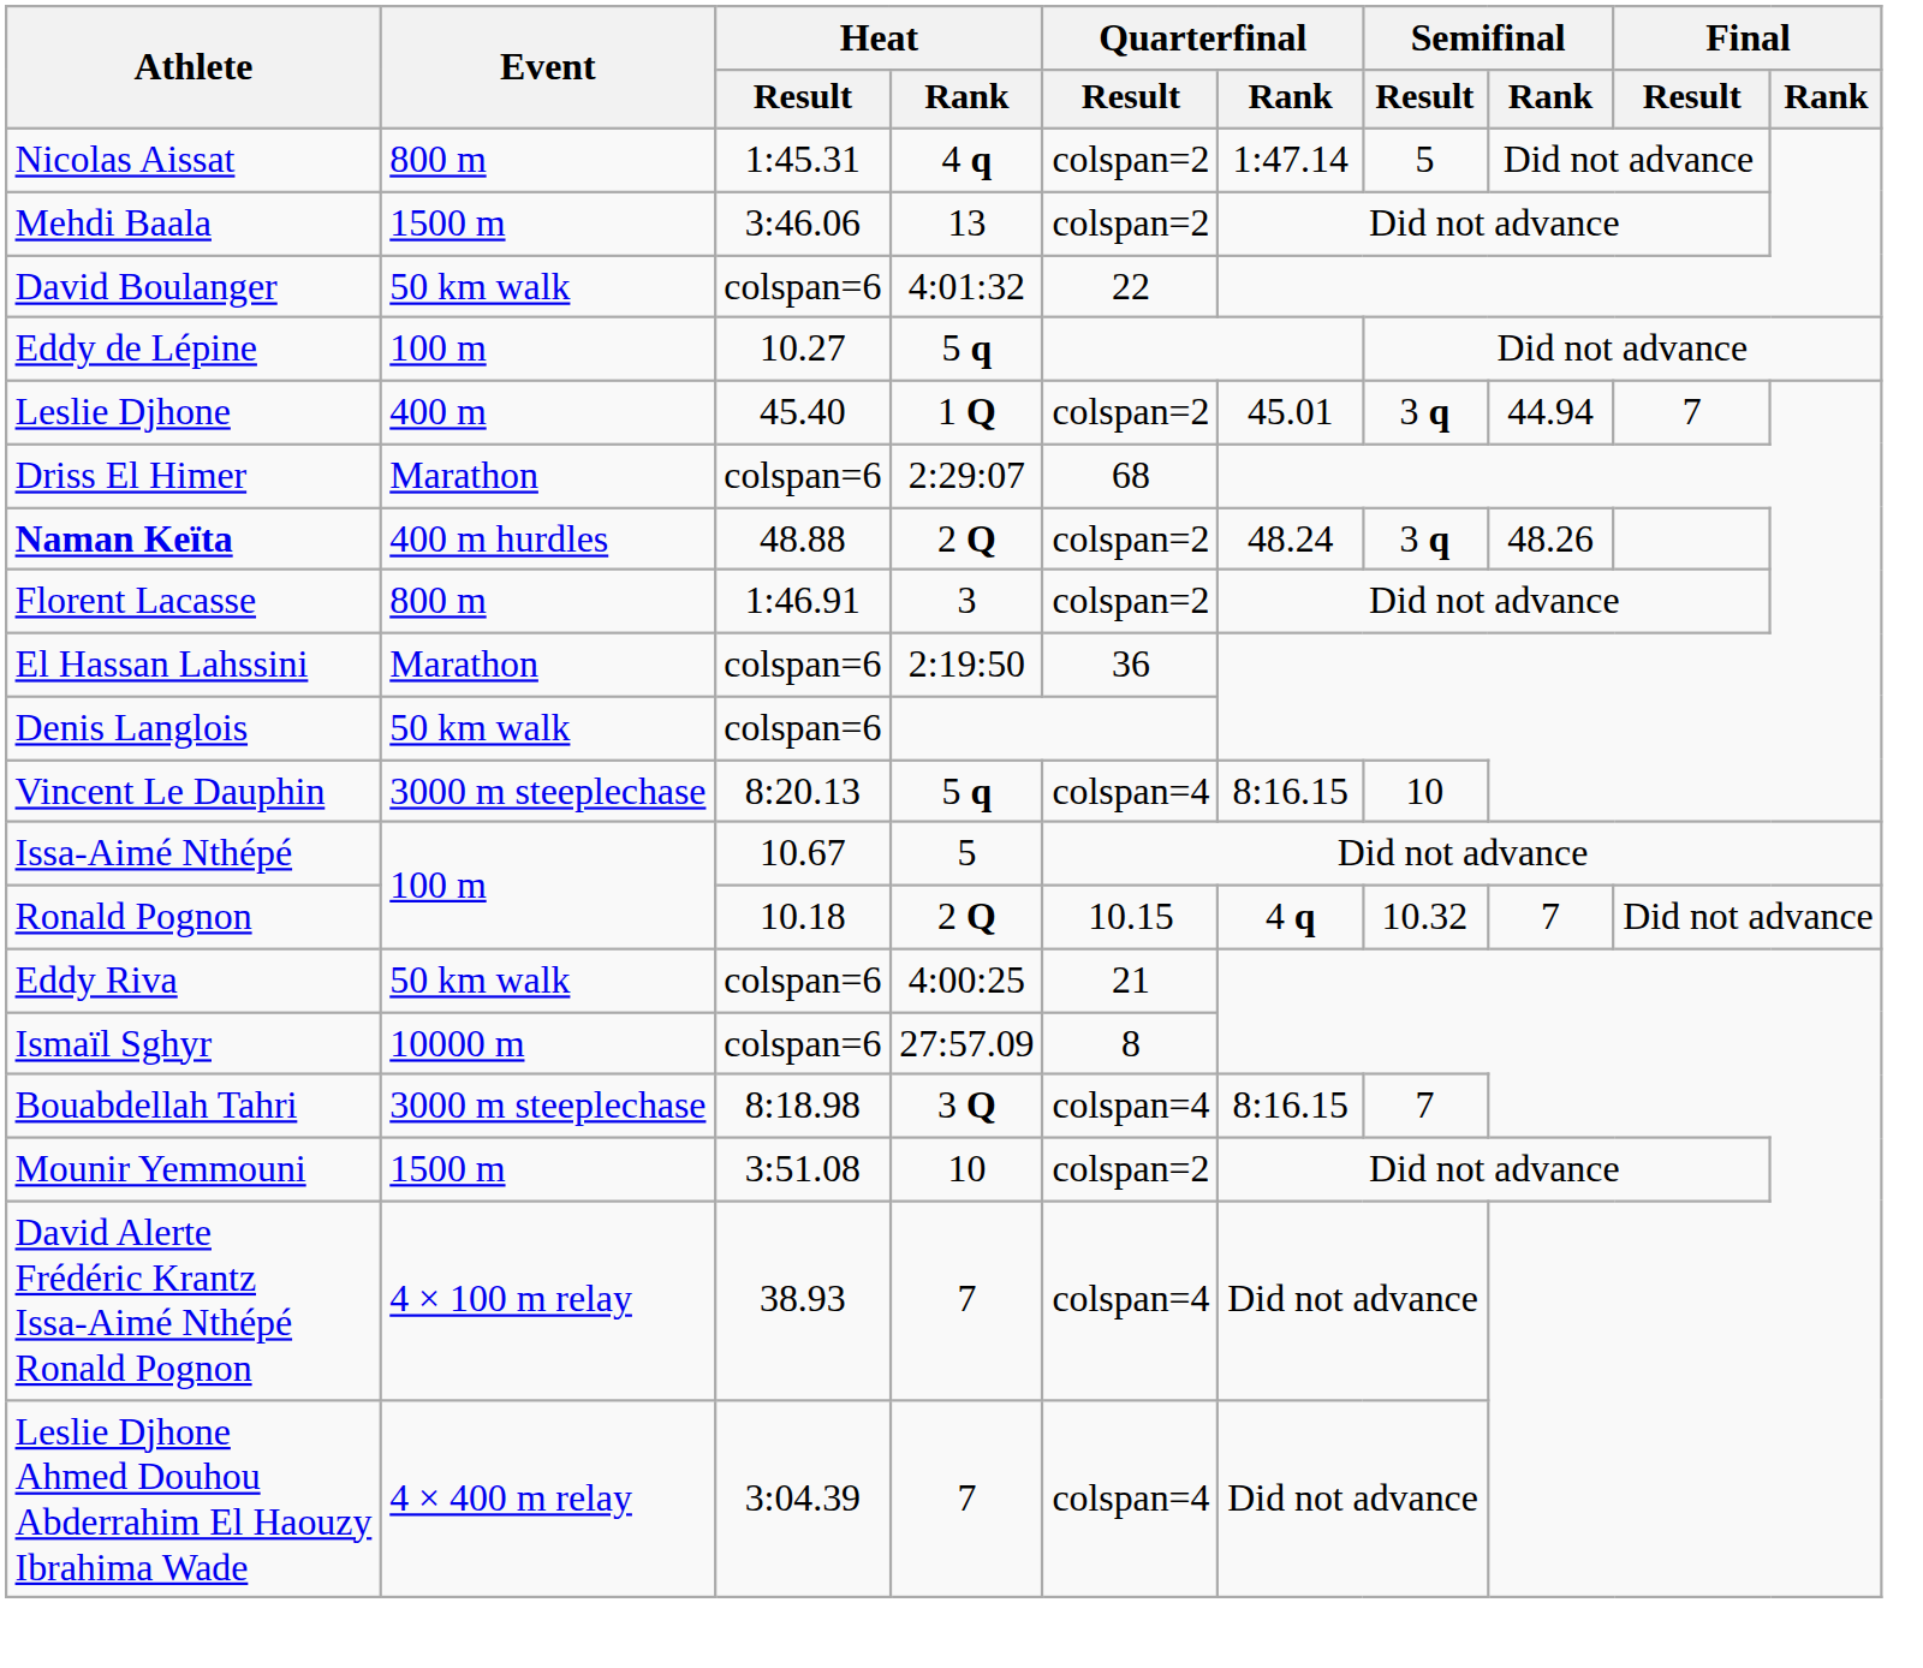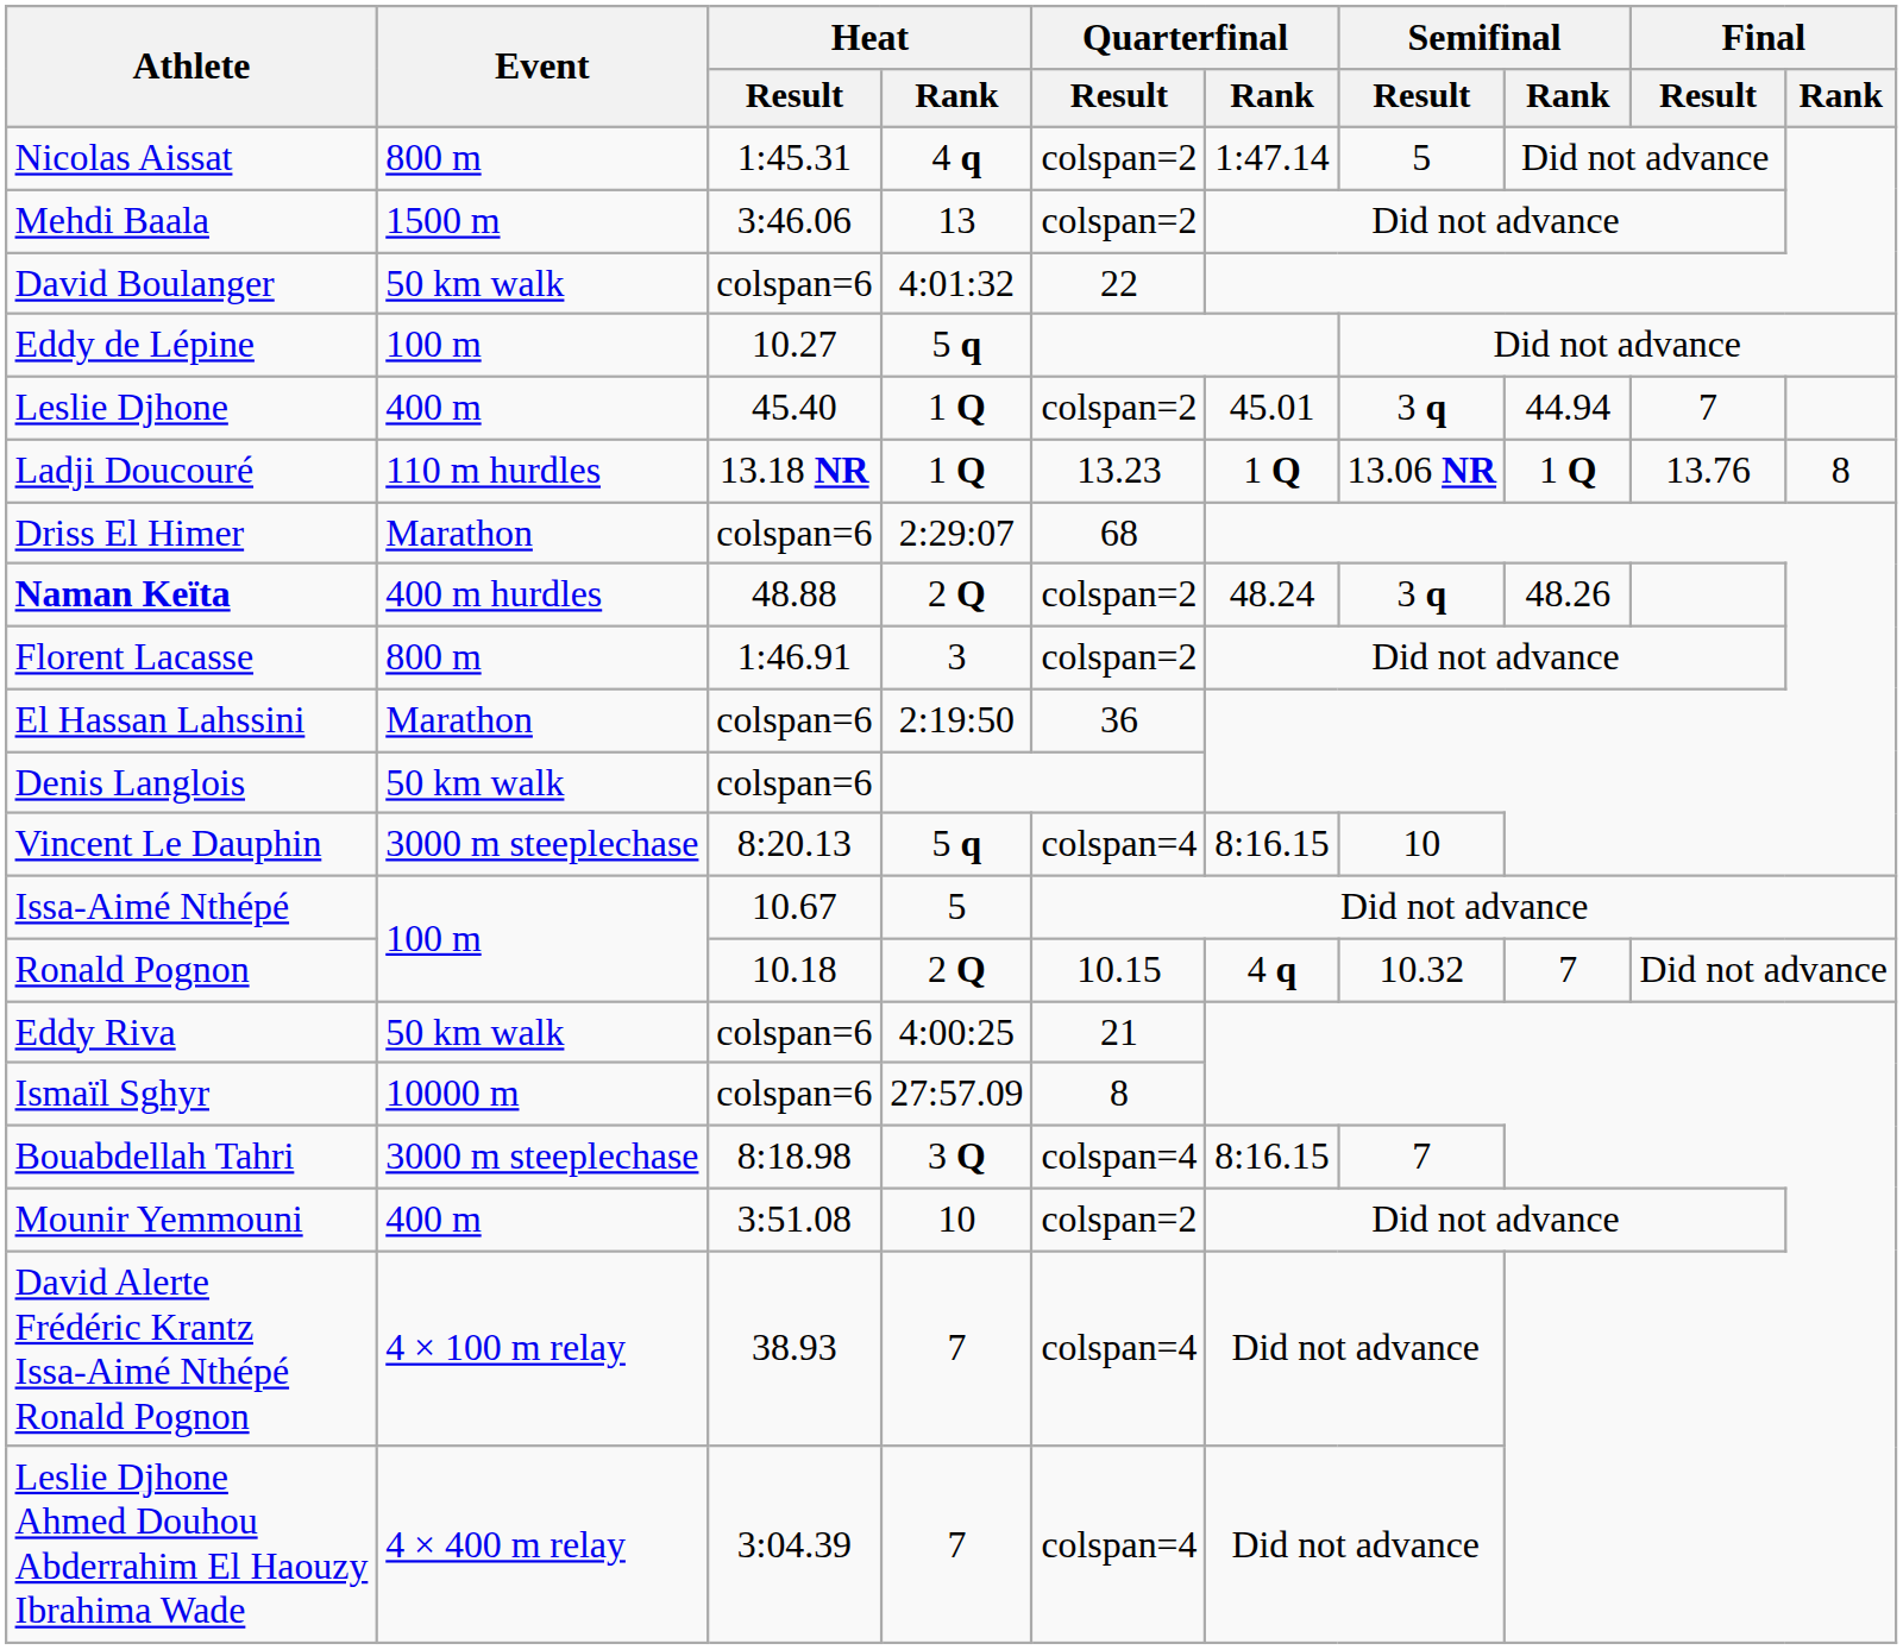 <table class=wikitable style="font-size:90%">
 <tr>
 <th rowspan="2">Athlete</th>
 <th rowspan="2">Event</th>
 <th colspan="2">Heat</th>
 <th colspan="2">Quarterfinal</th>
 <th colspan="2">Semifinal</th>
 <th colspan="2">Final</th>
 </tr>
 <tr style="font-size:95%">
 <th>Result</th>
 <th>Rank</th>
 <th>Result</th>
 <th>Rank</th>
 <th>Result</th>
 <th>Rank</th>
 <th>Result</th>
 <th>Rank</th>
 </tr>
 <tr align=center>
 <td align=left><a href='#'>Nicolas Aissat</a></td>
 <td align=left><a href='#'>800 m</a></td>
 <td>1:45.31</td>
 <td>4 <strong>q</strong></td>
 <td>colspan=2 </td>
 <td>1:47.14</td>
 <td>5</td>
 <td colspan=2>Did not advance</td>
 </tr>
 <tr align=center>
 <td align=left><a href='#'>Mehdi Baala</a></td>
 <td align=left><a href='#'>1500 m</a></td>
 <td>3:46.06</td>
 <td>13</td>
 <td>colspan=2 </td>
 <td colspan=4>Did not advance</td>
 </tr>
 <tr align=center>
 <td align=left><a href='#'>David Boulanger</a></td>
 <td align=left><a href='#'>50 km walk</a></td>
 <td>colspan=6 </td>
 <td>4:01:32</td>
 <td>22</td>
 </tr>
 <tr align=center>
 <td align=left><a href='#'>Eddy de Lépine</a></td>
 <td align=left><a href='#'>100 m</a></td>
 <td>10.27</td>
 <td>5 <strong>q</strong></td>
 <td colspan=2></td>
 <td colspan=4>Did not advance</td>
 </tr>
 <tr align=center>
 <td align=left><a href='#'>Leslie Djhone</a></td>
 <td align=left><a href='#'>400 m</a></td>
 <td>45.40</td>
 <td>1 <strong>Q</strong></td>
 <td>colspan=2 </td>
 <td>45.01</td>
 <td>3 <strong>q</strong></td>
 <td>44.94</td>
 <td>7</td>
+</tr>
+<tr align=center>
+<td align=left><a href='#'>Ladji Doucouré</a></td>
+<td align=left><a href='#'>110 m hurdles</a></td>
+<td>13.18 <strong><a href='#'>NR</a></strong></td>
+<td>1 <strong>Q</strong></td>
+<td>13.23</td>
+<td>1 <strong>Q</strong></td>
+<td>13.06 <strong><a href='#'>NR</a></strong></td>
+<td>1 <strong>Q</strong></td>
+<td>13.76</td>
+<td>8</td>
 </tr>
 <tr align=center>
 <td align=left><a href='#'>Driss El Himer</a></td>
 <td align=left><a href='#'>Marathon</a></td>
 <td>colspan=6 </td>
 <td>2:29:07</td>
 <td>68</td>
 </tr>
 <tr align=center>
 <td align=left><strong><a href='#'>Naman Keïta</a></strong></td>
 <td align=left><a href='#'>400 m hurdles</a></td>
 <td>48.88</td>
 <td>2 <strong>Q</strong></td>
 <td>colspan=2 </td>
 <td>48.24</td>
 <td>3 <strong>q</strong></td>
 <td>48.26</td>
 <td></td>
 </tr>
 <tr align=center>
 <td align=left><a href='#'>Florent Lacasse</a></td>
 <td align=left><a href='#'>800 m</a></td>
 <td>1:46.91</td>
 <td>3</td>
 <td>colspan=2 </td>
 <td colspan=4>Did not advance</td>
 </tr>
 <tr align=center>
 <td align=left><a href='#'>El Hassan Lahssini</a></td>
 <td align=left><a href='#'>Marathon</a></td>
 <td>colspan=6 </td>
 <td>2:19:50</td>
 <td>36</td>
 </tr>
 <tr align=center>
 <td align=left><a href='#'>Denis Langlois</a></td>
 <td align=left><a href='#'>50 km walk</a></td>
 <td>colspan=6 </td>
 <td colspan=2></td>
 </tr>
 <tr align=center>
 <td align=left><a href='#'>Vincent Le Dauphin</a></td>
 <td align=left><a href='#'>3000 m steeplechase</a></td>
 <td>8:20.13</td>
 <td>5 <strong>q</strong></td>
 <td>colspan=4 </td>
 <td>8:16.15</td>
 <td>10</td>
 </tr>
 <tr align=center>
 <td align=left><a href='#'>Issa-Aimé Nthépé</a></td>
 <td align=left rowspan=2><a href='#'>100 m</a></td>
 <td>10.67</td>
 <td>5</td>
 <td colspan=6>Did not advance</td>
 </tr>
 <tr align=center>
 <td align=left><a href='#'>Ronald Pognon</a></td>
 <td>10.18</td>
 <td>2 <strong>Q</strong></td>
 <td>10.15</td>
 <td>4 <strong>q</strong></td>
 <td>10.32</td>
 <td>7</td>
 <td colspan=2>Did not advance</td>
 </tr>
 <tr align=center>
 <td align=left><a href='#'>Eddy Riva</a></td>
 <td align=left><a href='#'>50 km walk</a></td>
 <td>colspan=6 </td>
 <td>4:00:25</td>
 <td>21</td>
 </tr>
 <tr align=center>
 <td align=left><a href='#'>Ismaïl Sghyr</a></td>
 <td align=left><a href='#'>10000 m</a></td>
 <td>colspan=6 </td>
 <td>27:57.09</td>
 <td>8</td>
 </tr>
 <tr align=center>
 <td align=left><a href='#'>Bouabdellah Tahri</a></td>
 <td align=left><a href='#'>3000 m steeplechase</a></td>
 <td>8:18.98</td>
 <td>3 <strong>Q</strong></td>
 <td>colspan=4 </td>
 <td>8:16.15</td>
 <td>7</td>
 </tr>
 <tr align=center>
 <td align=left><a href='#'>Mounir Yemmouni</a></td>
-<td align=left><a href='#'>1500 m</a></td>
+<td align=left><a href='#'>400 m</a></td>
 <td>3:51.08</td>
 <td>10</td>
 <td>colspan=2 </td>
 <td colspan=4>Did not advance</td>
 </tr>
 <tr align=center>
 <td align=left><a href='#'>David Alerte</a><br><a href='#'>Frédéric Krantz</a><br><a href='#'>Issa-Aimé Nthépé</a><br><a href='#'>Ronald Pognon</a></td>
 <td align=left><a href='#'>4 × 100 m relay</a></td>
 <td>38.93</td>
 <td>7</td>
 <td>colspan=4 </td>
 <td colspan=2>Did not advance</td>
 </tr>
 <tr align=center>
 <td align=left><a href='#'>Leslie Djhone</a><br><a href='#'>Ahmed Douhou</a><br><a href='#'>Abderrahim El Haouzy</a><br><a href='#'>Ibrahima Wade</a></td>
 <td align=left><a href='#'>4 × 400 m relay</a></td>
 <td>3:04.39</td>
 <td>7</td>
 <td>colspan=4 </td>
 <td colspan=2>Did not advance</td>
 </tr>
 </table>
